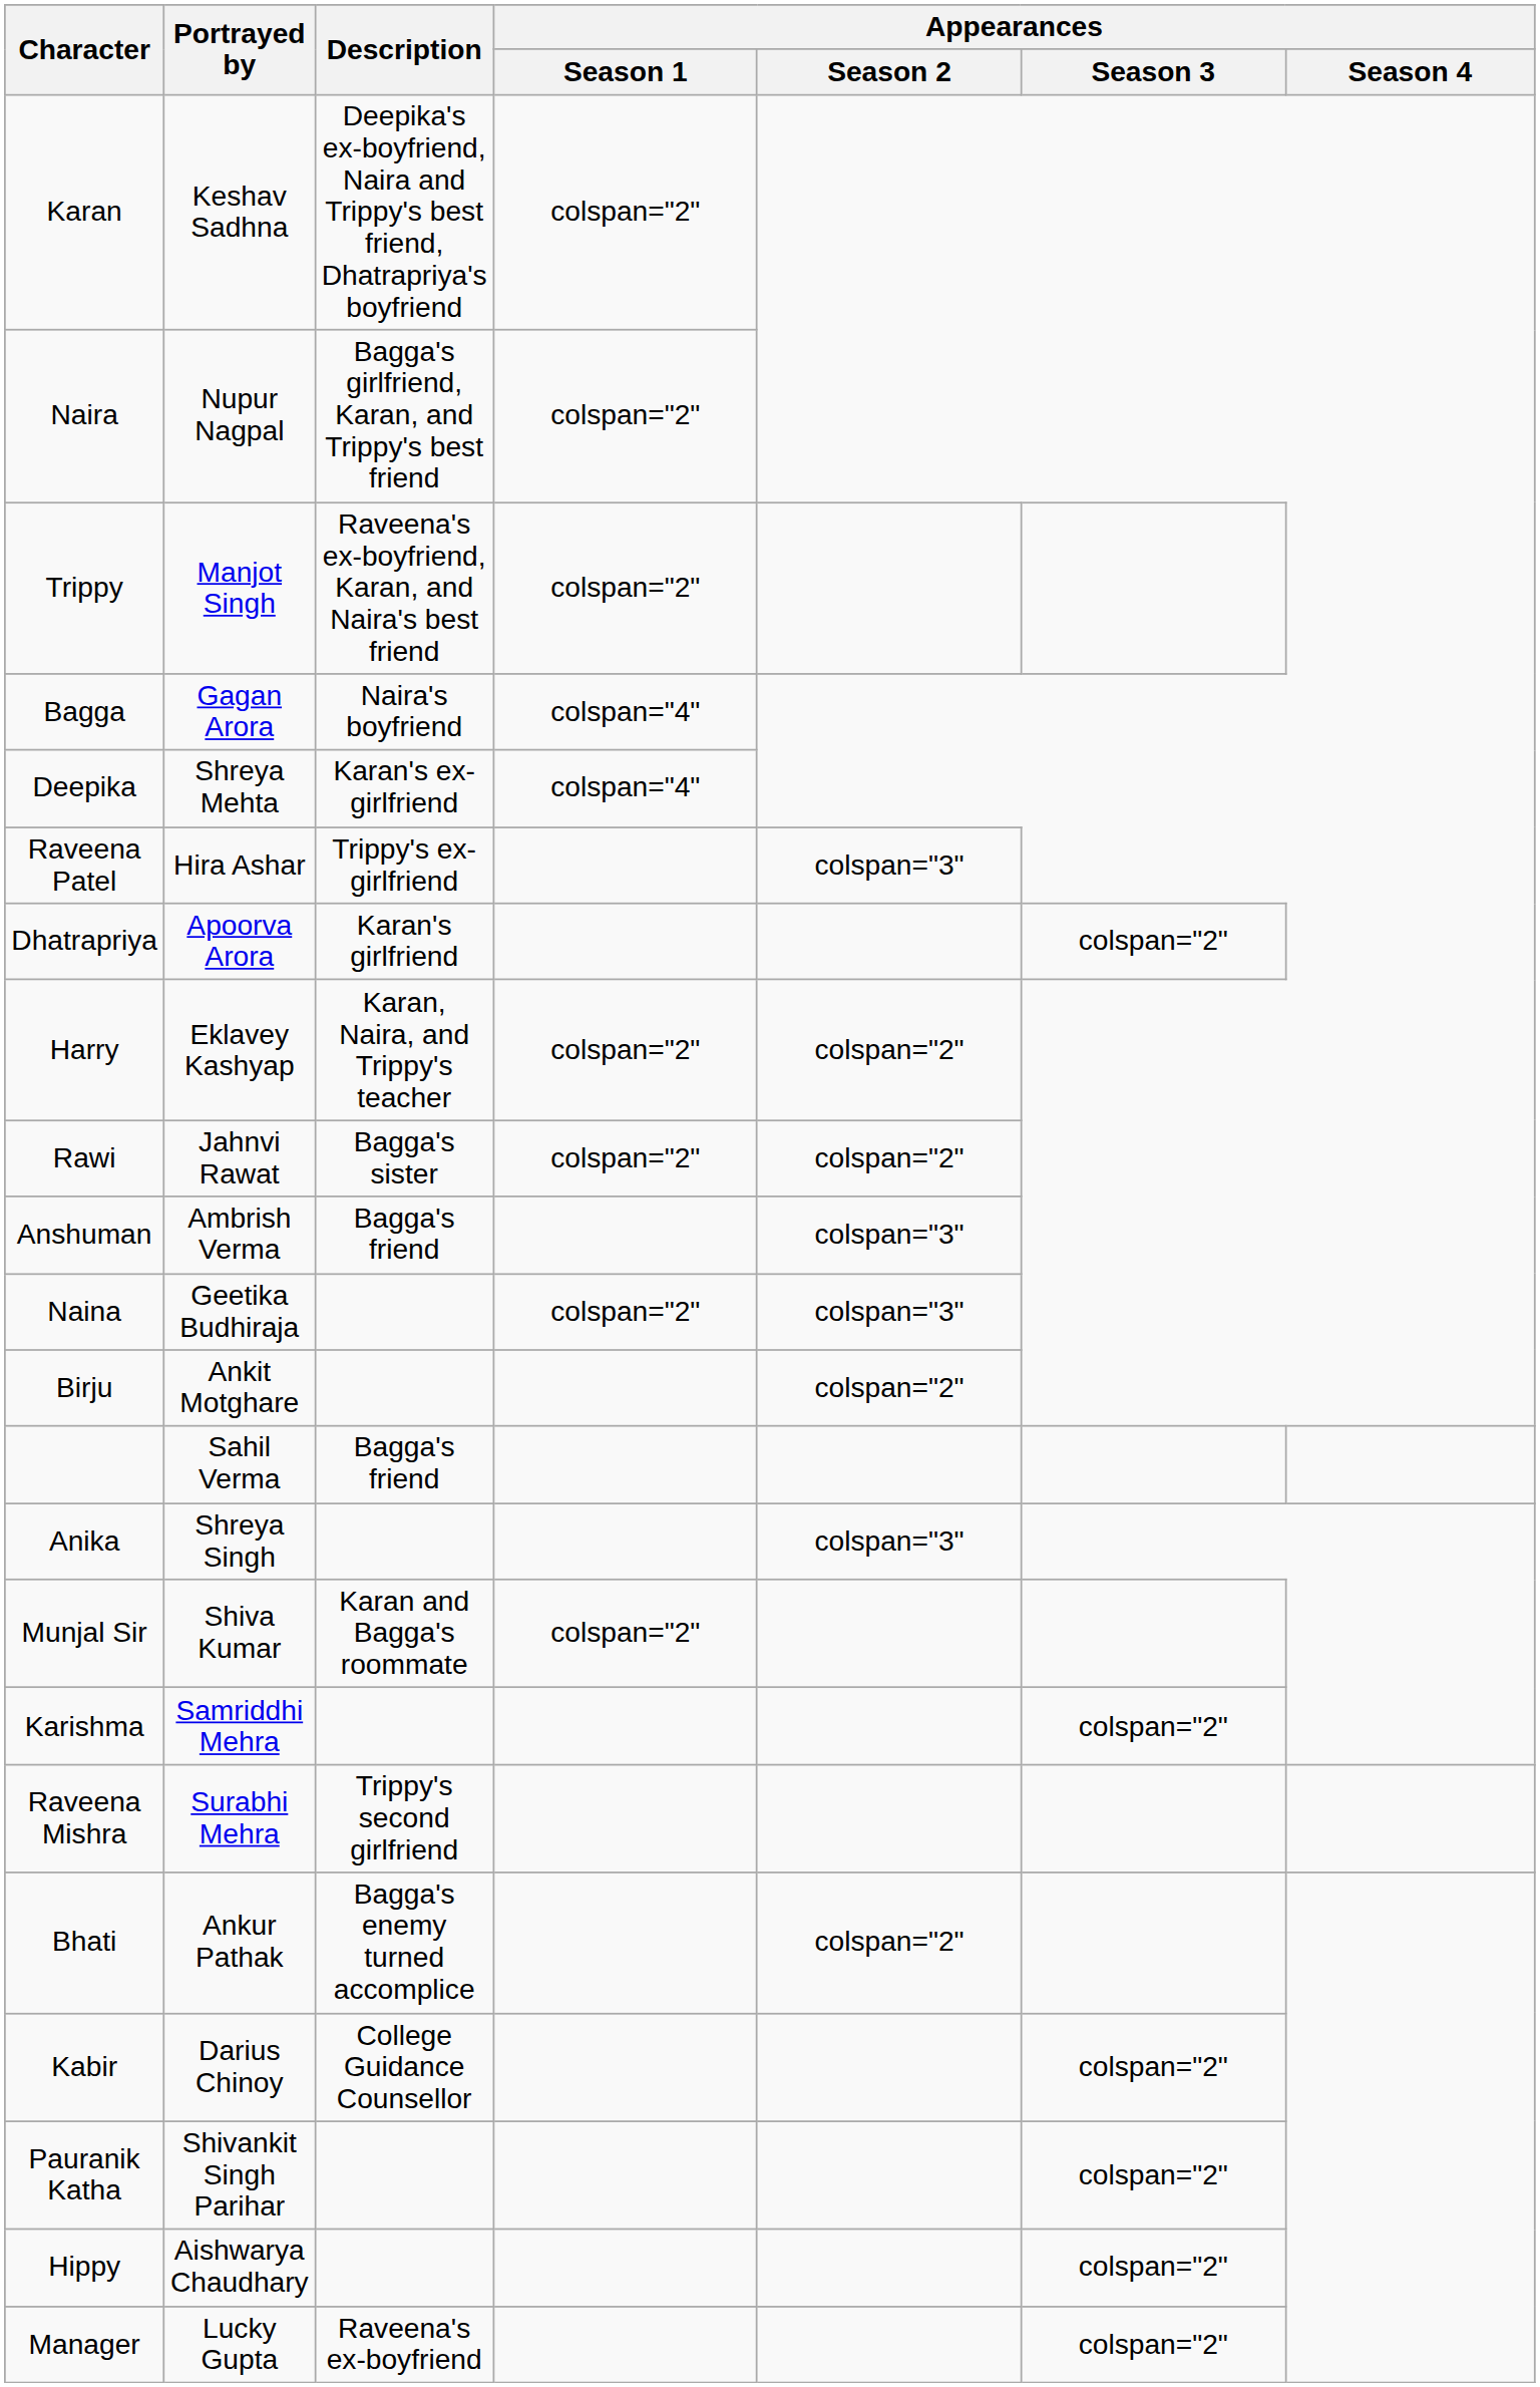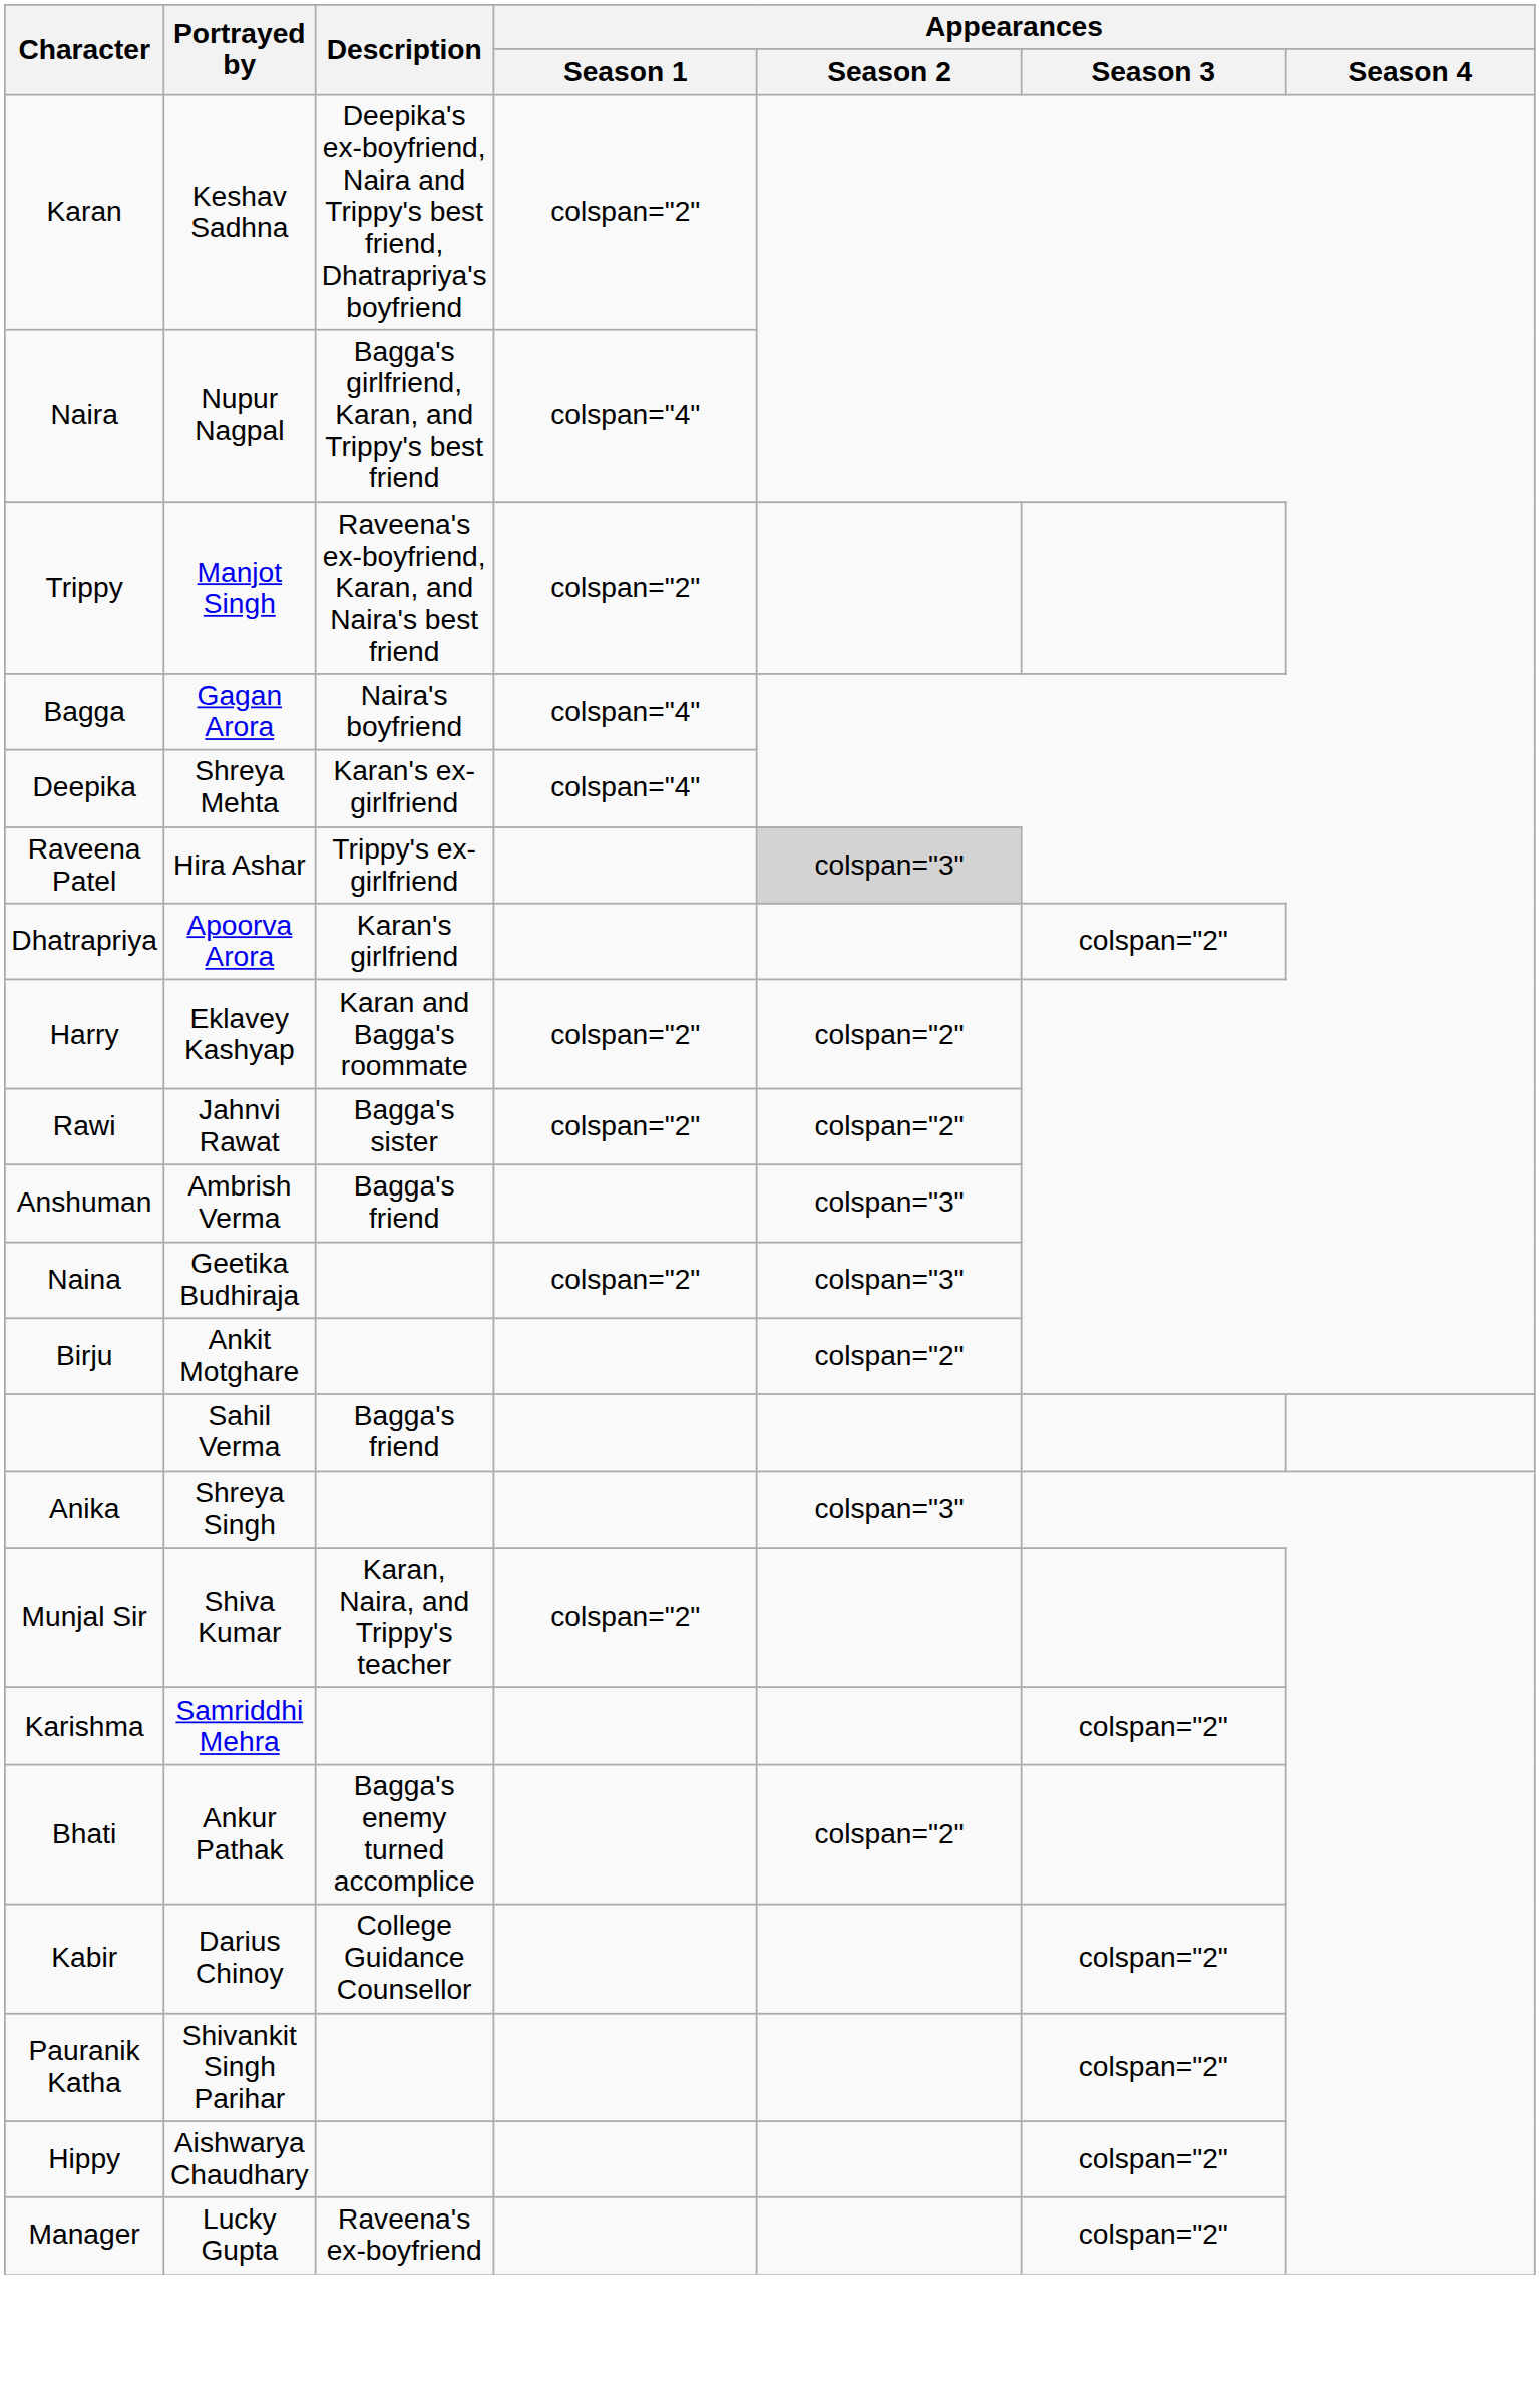 <table class="wikitable" style="text-align:center; width:auto">
 <tr>
 <th scope="col" rowspan="2">Character</th>
 <th scope="col" rowspan="2">Portrayed by</th>
 <th scope="col" rowspan="2">Description</th>
 <th scope="col" colspan="4">Appearances</th>
 </tr>
 <tr>
 <th scope="col" style="width:20%;">Season 1</th>
 <th scope="col" style="width:20%;">Season 2</th>
 <th scope="col" style="width:20%;">Season 3</th>
 <th scope="col" style="width:20%;">Season 4</th>
 </tr>
 <tr>
 <td>Karan</td>
 <td>Keshav Sadhna</td>
 <td>Deepika's ex-boyfriend, Naira and Trippy's best friend, Dhatrapriya's boyfriend</td>
 <td>colspan="2" </td>
 </tr>
 <tr>
 <td>Naira</td>
 <td>Nupur Nagpal</td>
 <td>Bagga's girlfriend, Karan, and Trippy's best friend</td>
-<td>colspan="2" </td>
+<td>colspan="4" </td>
 </tr>
 <tr>
 <td>Trippy</td>
 <td><a href='#'>Manjot Singh</a></td>
 <td>Raveena's ex-boyfriend, Karan, and Naira's best friend</td>
 <td>colspan="2" </td>
 <td></td>
 <td></td>
 </tr>
 <tr>
 <td>Bagga</td>
 <td><a href='#'>Gagan Arora</a></td>
 <td>Naira's boyfriend</td>
 <td>colspan="4" </td>
 </tr>
 <tr>
 <td>Deepika</td>
 <td>Shreya Mehta</td>
 <td>Karan's ex-girlfriend</td>
 <td>colspan="4" </td>
 </tr>
 <tr>
 <td>Raveena Patel</td>
 <td>Hira Ashar</td>
 <td>Trippy's ex-girlfriend</td>
 <td></td>
-<td>colspan="3" </td>
+<td style="background: lightgrey;">colspan="3" </td>
 </tr>
 <tr>
 <td>Dhatrapriya</td>
 <td><a href='#'>Apoorva Arora</a></td>
 <td>Karan's girlfriend</td>
 <td></td>
 <td></td>
 <td>colspan="2" </td>
 </tr>
 <tr>
 <td>Harry</td>
 <td>Eklavey Kashyap</td>
-<td>Karan, Naira, and Trippy's teacher</td>
+<td>Karan and Bagga's roommate</td>
 <td>colspan="2" </td>
 <td>colspan="2" </td>
 </tr>
 <tr>
 <td>Rawi</td>
 <td>Jahnvi Rawat</td>
 <td>Bagga's sister</td>
 <td>colspan="2" </td>
 <td>colspan="2" </td>
 </tr>
 <tr>
 <td>Anshuman</td>
 <td>Ambrish Verma</td>
 <td>Bagga's friend</td>
 <td></td>
 <td>colspan="3" </td>
 </tr>
 <tr>
 <td>Naina</td>
 <td>Geetika Budhiraja</td>
 <td></td>
 <td>colspan="2" </td>
 <td>colspan="3" </td>
 </tr>
 <tr>
 <td>Birju</td>
 <td>Ankit Motghare</td>
 <td></td>
 <td></td>
 <td>colspan="2" </td>
 </tr>
 <tr>
 <td></td>
 <td>Sahil Verma</td>
 <td>Bagga's friend</td>
 <td></td>
 <td></td>
 <td></td>
 <td></td>
 </tr>
 <tr>
 <td>Anika</td>
 <td>Shreya Singh</td>
 <td></td>
 <td></td>
 <td>colspan="3" </td>
 </tr>
 <tr>
 <td>Munjal Sir</td>
 <td>Shiva Kumar</td>
-<td>Karan and Bagga's roommate</td>
+<td>Karan, Naira, and Trippy's teacher</td>
 <td>colspan="2" </td>
 <td></td>
 <td></td>
 </tr>
 <tr>
 <td>Karishma</td>
 <td><a href='#'>Samriddhi Mehra</a></td>
 <td></td>
 <td></td>
 <td></td>
 <td>colspan="2" </td>
-</tr>
-<tr>
-<td>Raveena Mishra</td>
-<td><a href='#'>Surabhi Mehra</a></td>
-<td>Trippy's second girlfriend</td>
-<td></td>
-<td></td>
-<td></td>
-<td></td>
 </tr>
 <tr>
 <td>Bhati</td>
 <td>Ankur Pathak</td>
 <td>Bagga's enemy turned accomplice</td>
 <td></td>
 <td>colspan="2" </td>
 <td></td>
 </tr>
 <tr>
 <td>Kabir</td>
 <td>Darius Chinoy</td>
 <td>College Guidance Counsellor</td>
 <td></td>
 <td></td>
 <td>colspan="2" </td>
 </tr>
 <tr>
 <td>Pauranik Katha</td>
 <td>Shivankit Singh Parihar</td>
 <td></td>
 <td></td>
 <td></td>
 <td>colspan="2" </td>
 </tr>
 <tr>
 <td>Hippy</td>
 <td>Aishwarya Chaudhary</td>
 <td></td>
 <td></td>
 <td></td>
 <td>colspan="2" </td>
 </tr>
 <tr>
 <td>Manager</td>
 <td>Lucky Gupta</td>
 <td>Raveena's ex-boyfriend</td>
 <td></td>
 <td></td>
 <td>colspan="2" </td>
 </tr>
 </table>
